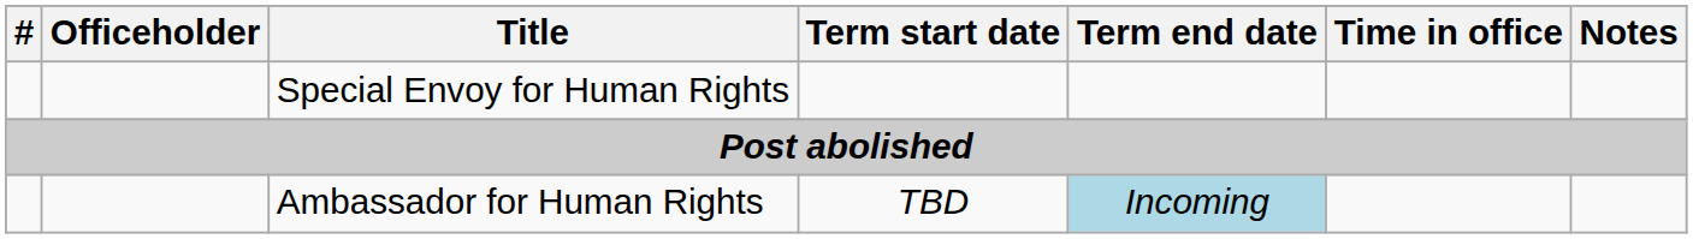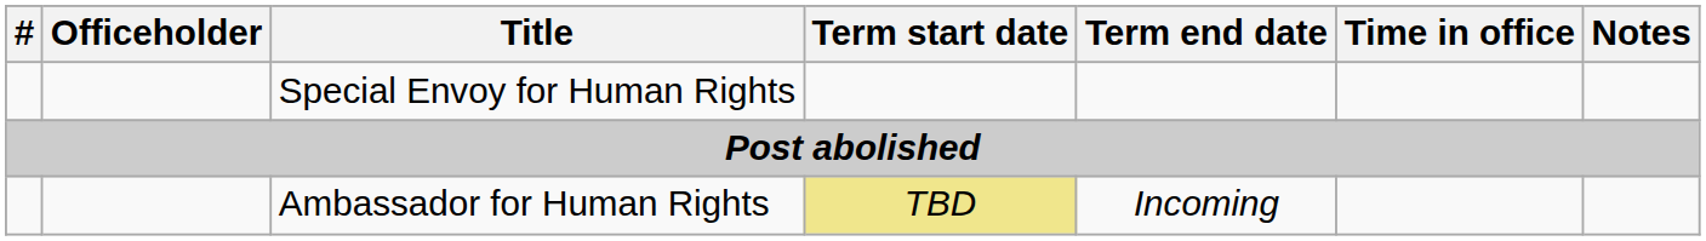 <table class='wikitable sortable'>
 <tr>
 <th>#</th>
 <th>Officeholder</th>
 <th>Title</th>
 <th>Term start date</th>
 <th>Term end date</th>
 <th>Time in office</th>
 <th>Notes</th>
 </tr>
 <tr>
 <td align=center></td>
 <td></td>
 <td>Special Envoy for Human Rights</td>
 <td align=center></td>
 <td align=center></td>
 <td align=right></td>
 <td></td>
 </tr>
 <tr>
 <th colspan=8 style="background: #cccccc;"><em>Post abolished</em></th>
 </tr>
 <tr>
 <td align=center></td>
 <td></td>
 <td>Ambassador for Human Rights</td>
-<td align=center><em>TBD</em></td>
-<td align=center style="background: lightblue;"><em>Incoming</em></td>
+<td align=center style="background: khaki;"><em>TBD</em></td>
+<td align=center><em>Incoming</em></td>
 <td align=right></td>
 <td></td>
 </tr>
 </table>
